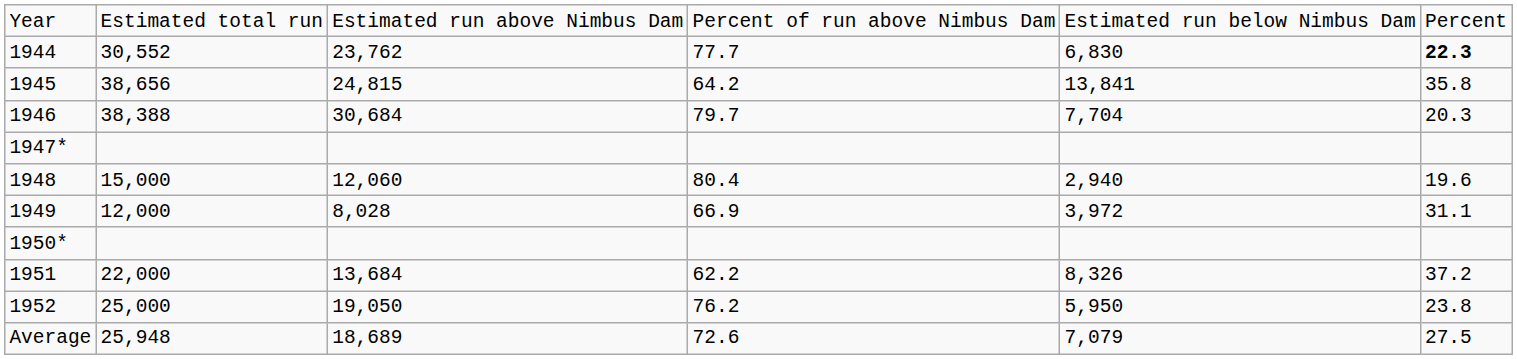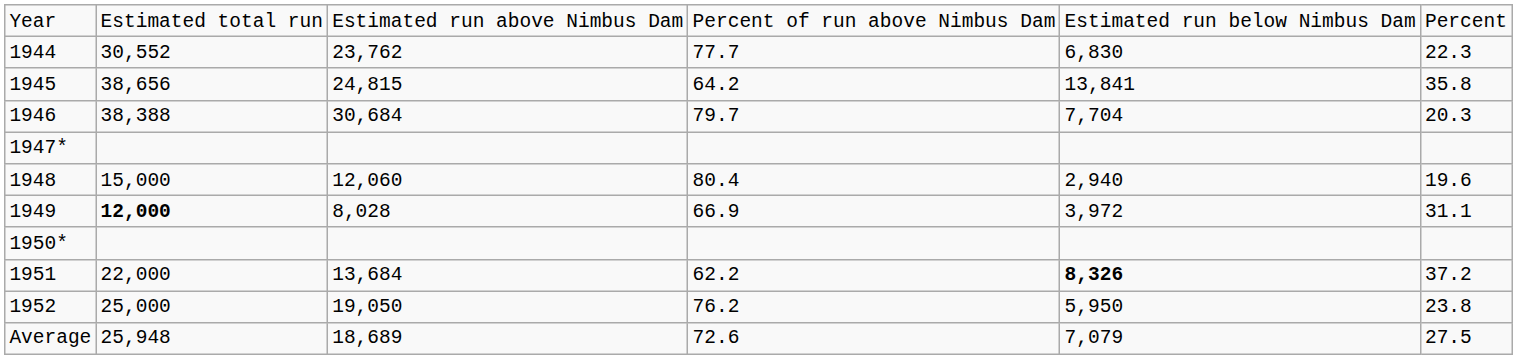 <table class="wikitable">
 <tr>
 <td>Year</td>
 <td>Estimated total run</td>
 <td>Estimated run above Nimbus Dam</td>
 <td>Percent of run above Nimbus Dam</td>
 <td>Estimated run below Nimbus Dam</td>
 <td>Percent</td>
 </tr>
 <tr>
 <td>1944</td>
 <td>30,552</td>
 <td>23,762</td>
 <td>77.7</td>
 <td>6,830</td>
-<td><strong>22.3</strong></td>
+<td>22.3</td>
 </tr>
 <tr>
 <td>1945</td>
 <td>38,656</td>
 <td>24,815</td>
 <td>64.2</td>
 <td>13,841</td>
 <td>35.8</td>
 </tr>
 <tr>
 <td>1946</td>
 <td>38,388</td>
 <td>30,684</td>
 <td>79.7</td>
 <td>7,704</td>
 <td>20.3</td>
 </tr>
 <tr>
 <td>1947*</td>
 <td></td>
 <td></td>
 <td></td>
 <td></td>
 <td></td>
 </tr>
 <tr>
 <td>1948</td>
 <td>15,000</td>
 <td>12,060</td>
 <td>80.4</td>
 <td>2,940</td>
 <td>19.6</td>
 </tr>
 <tr>
 <td>1949</td>
-<td>12,000</td>
+<td><strong>12,000</strong></td>
 <td>8,028</td>
 <td>66.9</td>
 <td>3,972</td>
 <td>31.1</td>
 </tr>
 <tr>
 <td>1950*</td>
 <td></td>
 <td></td>
 <td></td>
 <td></td>
 <td></td>
 </tr>
 <tr>
 <td>1951</td>
 <td>22,000</td>
 <td>13,684</td>
 <td>62.2</td>
-<td>8,326</td>
+<td><strong>8,326</strong></td>
 <td>37.2</td>
 </tr>
 <tr>
 <td>1952</td>
 <td>25,000</td>
 <td>19,050</td>
 <td>76.2</td>
 <td>5,950</td>
 <td>23.8</td>
 </tr>
 <tr>
 <td>Average</td>
 <td>25,948</td>
 <td>18,689</td>
 <td>72.6</td>
 <td>7,079</td>
 <td>27.5</td>
 </tr>
 </table>
